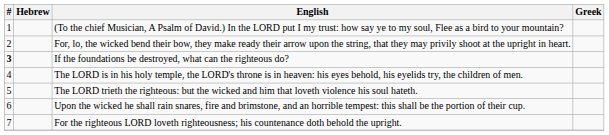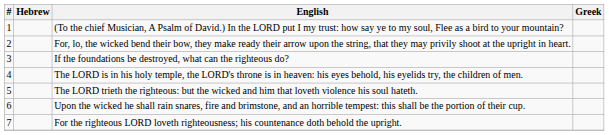 <table class=wikitable>
 <tr>
 <th>#</th>
 <th>Hebrew</th>
 <th>English</th>
 <th>Greek</th>
 </tr>
 <tr>
 <td style="text-align:right">1</td>
 <td style="text-align:right"></td>
 <td>(To the chief Musician, A Psalm of David.) In the LORD put I my trust: how say ye to my soul, Flee as a bird to your mountain?</td>
 <td></td>
 </tr>
 <tr>
 <td style="text-align:right">2</td>
 <td style="text-align:right"></td>
 <td>For, lo, the wicked bend their bow, they make ready their arrow upon the string, that they may privily shoot at the upright in heart.</td>
 <td></td>
 </tr>
 <tr>
-<td style="text-align:right"><strong>3</strong></td>
+<td style="text-align:right">3</td>
 <td style="text-align:right"></td>
 <td>If the foundations be destroyed, what can the righteous do?</td>
 <td></td>
 </tr>
 <tr>
 <td style="text-align:right">4</td>
 <td style="text-align:right"></td>
 <td>The LORD is in his holy temple, the LORD's throne is in heaven: his eyes behold, his eyelids try, the children of men.</td>
 <td></td>
 </tr>
 <tr>
 <td style="text-align:right">5</td>
 <td style="text-align:right"></td>
 <td>The LORD trieth the righteous: but the wicked and him that loveth violence his soul hateth.</td>
 <td></td>
 </tr>
 <tr>
 <td style="text-align:right">6</td>
 <td style="text-align:right"></td>
 <td>Upon the wicked he shall rain snares, fire and brimstone, and an horrible tempest: this shall be the portion of their cup.</td>
 <td></td>
 </tr>
 <tr>
 <td style="text-align:right">7</td>
 <td style="text-align:right"></td>
 <td>For the righteous LORD loveth righteousness; his countenance doth behold the upright.</td>
 <td></td>
 </tr>
 <tr>
 </tr>
 </table>
